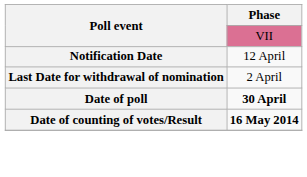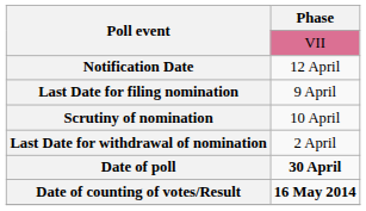 <table class="wikitable" style="text-align:center;margin:auto;font-size:90%;">
 <tr>
 <th rowspan=2>Poll event</th>
 <th>Phase</th>
 </tr>
 <tr>
 <td bgcolor=#DB7093>VII</td>
 </tr>
 <tr>
 <th>Notification Date</th>
 <td>12 April</td>
+</tr>
+<tr>
+<th>Last Date for filing nomination</th>
+<td>9 April</td>
+</tr>
+<tr>
+<th>Scrutiny of nomination</th>
+<td>10 April</td>
 </tr>
 <tr>
 <th>Last Date for withdrawal of nomination</th>
 <td>2 April</td>
 </tr>
 <tr>
 <th>Date of poll</th>
 <td><strong>30 April</strong></td>
 </tr>
 <tr>
 <th>Date of counting of votes/Result</th>
 <td><strong>16 May 2014</strong></td>
 </tr>
 <tr>
 </tr>
 </table>
